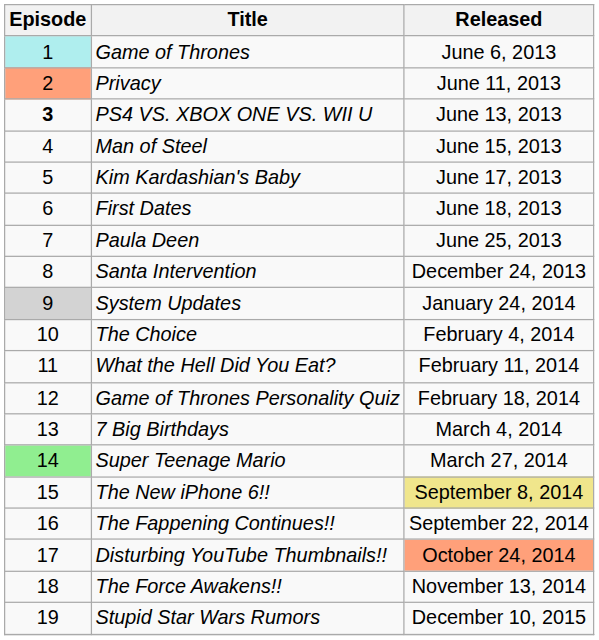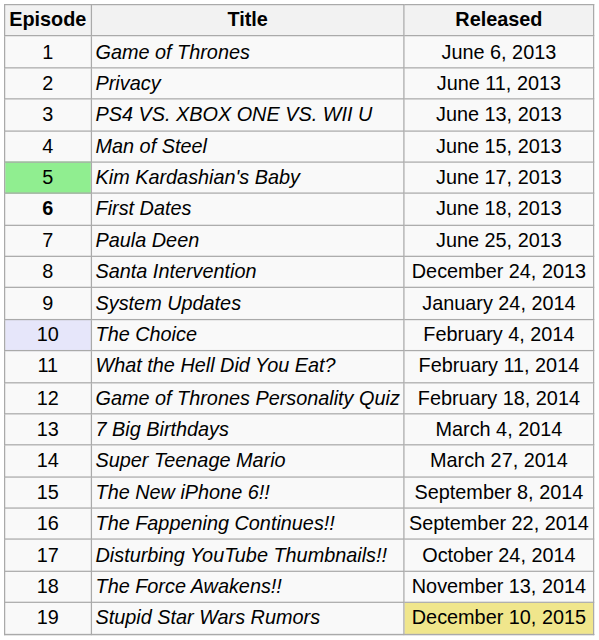 <table class="wikitable">
 <tr>
 <th>Episode</th>
 <th>Title</th>
 <th>Released</th>
 </tr>
 <tr>
-<td align="center" style="background: paleturquoise;">1</td>
+<td align="center">1</td>
 <td><em>Game of Thrones</em></td>
 <td align="center">June 6, 2013</td>
 </tr>
 <tr>
-<td align="center" style="background: lightsalmon;">2</td>
+<td align="center">2</td>
 <td><em>Privacy</em></td>
 <td align="center">June 11, 2013</td>
 </tr>
 <tr>
-<td align="center"><strong>3</strong></td>
+<td align="center">3</td>
 <td><em>PS4 VS. XBOX ONE VS. WII U</em></td>
 <td align="center">June 13, 2013</td>
 </tr>
 <tr>
 <td align="center">4</td>
 <td><em>Man of Steel</em></td>
 <td align="center">June 15, 2013</td>
 </tr>
 <tr>
-<td align="center">5</td>
+<td align="center" style="background: lightgreen;">5</td>
 <td><em>Kim Kardashian's Baby</em></td>
 <td align="center">June 17, 2013</td>
 </tr>
 <tr>
-<td align="center">6</td>
+<td align="center"><strong>6</strong></td>
 <td><em>First Dates</em></td>
 <td align="center">June 18, 2013</td>
 </tr>
 <tr>
 <td align="center">7</td>
 <td><em>Paula Deen</em></td>
 <td align="center">June 25, 2013</td>
 </tr>
 <tr>
 <td align="center">8</td>
 <td><em>Santa Intervention</em></td>
 <td align="center">December 24, 2013</td>
 </tr>
 <tr>
-<td align="center" style="background: lightgrey;">9</td>
+<td align="center">9</td>
 <td><em>System Updates</em></td>
 <td align="center">January 24, 2014</td>
 </tr>
 <tr>
-<td align="center">10</td>
+<td align="center" style="background: lavender;">10</td>
 <td><em>The Choice</em></td>
 <td align="center">February 4, 2014</td>
 </tr>
 <tr>
 <td align="center">11</td>
 <td><em>What the Hell Did You Eat?</em></td>
 <td align="center">February 11, 2014</td>
 </tr>
 <tr>
 <td align="center">12</td>
 <td><em>Game of Thrones Personality Quiz</em></td>
 <td align="center">February 18, 2014</td>
 </tr>
 <tr>
 <td align="center">13</td>
 <td><em>7 Big Birthdays</em></td>
 <td align="center">March 4, 2014</td>
 </tr>
 <tr>
-<td align="center" style="background: lightgreen;">14</td>
+<td align="center">14</td>
 <td><em>Super Teenage Mario</em></td>
 <td align="center">March 27, 2014</td>
 </tr>
 <tr>
 <td align="center">15</td>
 <td><em>The New iPhone 6!!</em></td>
-<td align="center" style="background: khaki;">September 8, 2014</td>
+<td align="center">September 8, 2014</td>
 </tr>
 <tr>
 <td align="center">16</td>
 <td><em>The Fappening Continues!!</em></td>
 <td align="center">September 22, 2014</td>
 </tr>
 <tr>
 <td align="center">17</td>
 <td><em>Disturbing YouTube Thumbnails!!</em></td>
-<td align="center" style="background: lightsalmon;">October 24, 2014</td>
+<td align="center">October 24, 2014</td>
 </tr>
 <tr>
 <td align="center">18</td>
 <td><em>The Force Awakens!!</em></td>
 <td align="center">November 13, 2014</td>
 </tr>
 <tr>
 <td align="center">19</td>
 <td><em>Stupid Star Wars Rumors</em></td>
-<td align="center">December 10, 2015</td>
+<td align="center" style="background: khaki;">December 10, 2015</td>
 </tr>
 <tr>
 </tr>
 </table>
